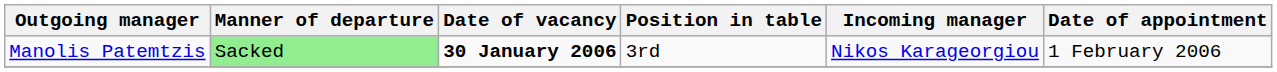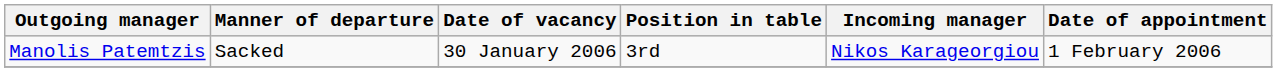 <table class="wikitable">
 <tr>
 <th>Outgoing manager</th>
 <th>Manner of departure</th>
 <th>Date of vacancy</th>
 <th>Position in table</th>
 <th>Incoming manager</th>
 <th>Date of appointment</th>
 </tr>
 <tr>
 <td> <a href='#'>Manolis Patemtzis</a></td>
-<td style="background: lightgreen;">Sacked</td>
-<td><strong>30 January 2006</strong></td>
+<td>Sacked</td>
+<td>30 January 2006</td>
 <td>3rd</td>
 <td> <a href='#'>Nikos Karageorgiou</a></td>
 <td>1 February 2006</td>
 </tr>
 <tr>
 </tr>
 </table>
